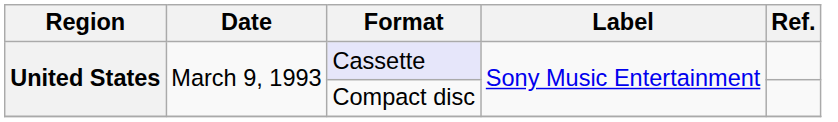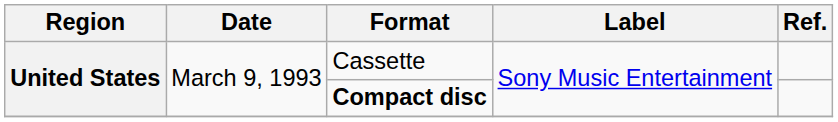 <table class="wikitable plainrowheaders">
 <tr>
 <th scope="col">Region</th>
 <th scope="col">Date</th>
 <th scope="col">Format</th>
 <th scope="col">Label</th>
 <th scope="col">Ref.</th>
 </tr>
 <tr>
 <th scope="row" rowspan="2">United States</th>
 <td rowspan="2">March 9, 1993</td>
-<td style="background: lavender;">Cassette</td>
+<td>Cassette</td>
 <td rowspan="2"><a href='#'>Sony Music Entertainment</a></td>
 <td></td>
 </tr>
 <tr>
-<td>Compact disc</td>
+<td><strong>Compact disc</strong></td>
 <td></td>
 </tr>
 <tr>
 </tr>
 </table>
